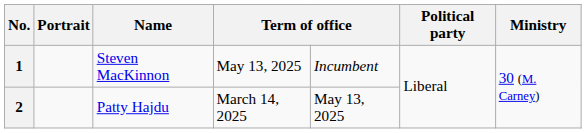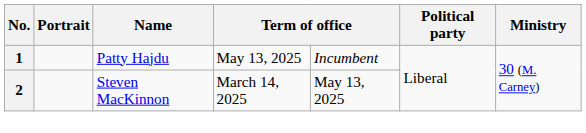 <table class="wikitable">
 <tr>
 <th>No.</th>
 <th>Portrait</th>
 <th>Name</th>
 <th colspan=2>Term of office</th>
 <th>Political party</th>
 <th>Ministry</th>
 </tr>
 <tr>
 <th style="background:">1</th>
 <td></td>
-<td><a href='#'>Steven MacKinnon</a></td>
+<td><a href='#'>Patty Hajdu</a></td>
 <td>May 13, 2025</td>
 <td><em>Incumbent</em></td>
 <td rowspan=2>Liberal</td>
 <td rowspan=2><a href='#'>30</a> <small>(<a href='#'>M. Carney</a>)</small></td>
 </tr>
 <tr>
 <th style="background:">2</th>
 <td></td>
-<td><a href='#'>Patty Hajdu</a></td>
+<td><a href='#'>Steven MacKinnon</a></td>
 <td>March 14, 2025</td>
 <td>May 13, 2025</td>
 </tr>
 </table>
